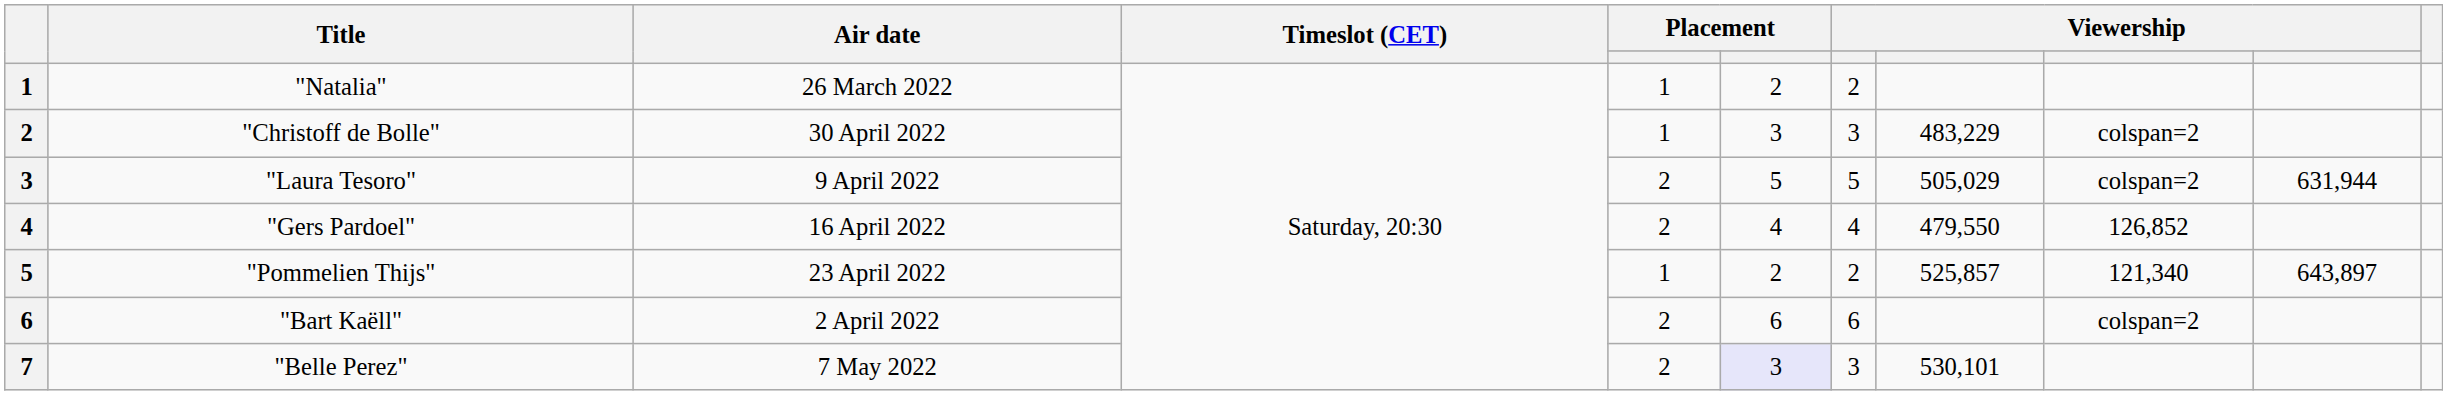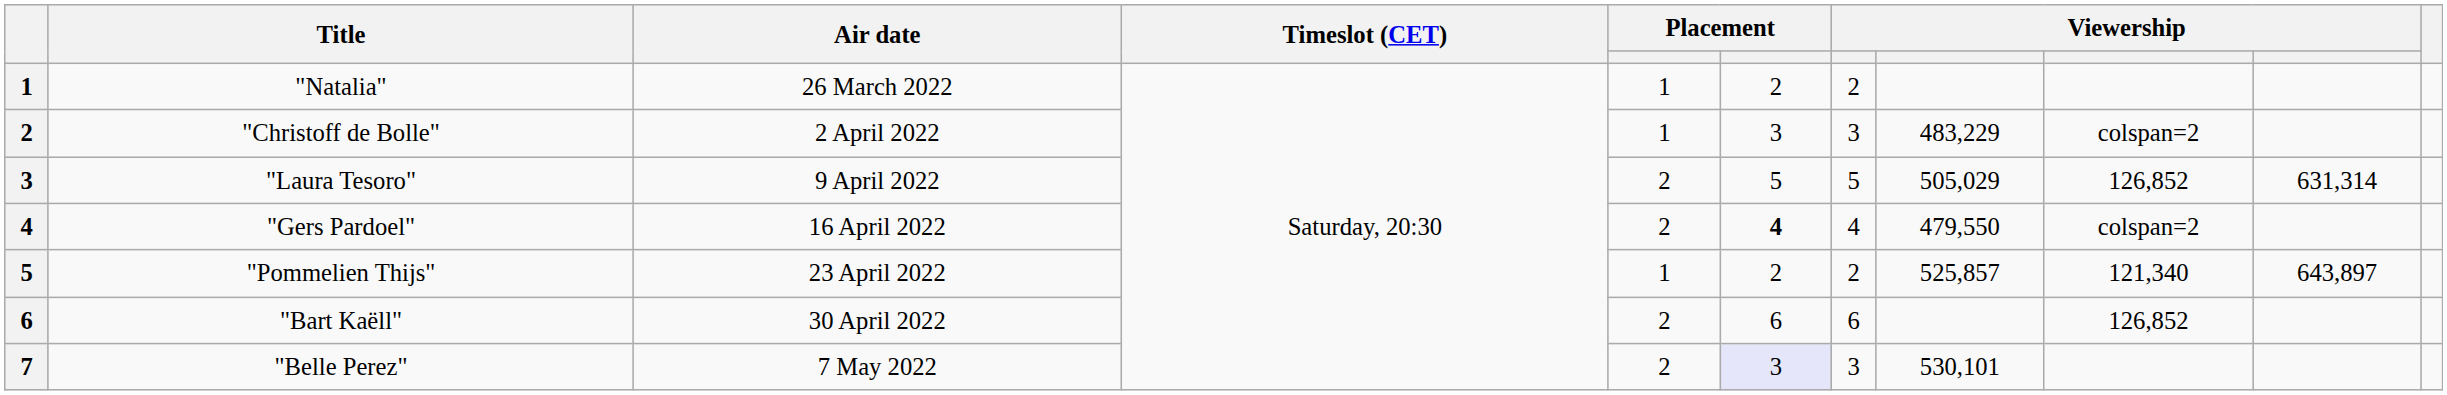 <table class="sortable wikitable plainrowheaders mw-collapsible" style=" text-align:center; line-height:23px; width:100%;">
 <tr>
 <th rowspan=2 class="unsortable"></th>
 <th rowspan=2 class="unsortable" width=24%>Title</th>
 <th rowspan=2 class="unsortable" width=20%>Air date</th>
 <th rowspan=2 class="unsortable" width=20%>Timeslot (<a href='#'>CET</a>)</th>
 <th colspan=2>Placement</th>
 <th colspan=4>Viewership</th>
 <th rowspan=2 class="unsortable"></th>
 </tr>
 <tr>
 <th class="unsortable"></th>
 <th class="unsortable"></th>
 <th class="unsortable"></th>
 <th></th>
 <th></th>
 <th></th>
 </tr>
 <tr>
 <th>1</th>
 <td>"Natalia"</td>
 <td>26 March 2022</td>
 <td rowspan="7">Saturday, 20:30</td>
 <td>1</td>
 <td>2</td>
 <td>2</td>
 <td></td>
 <td></td>
 <td></td>
 <td></td>
 </tr>
 <tr>
 <th>2</th>
 <td>"Christoff de Bolle"</td>
-<td>30 April 2022</td>
+<td>2 April 2022</td>
 <td>1</td>
 <td>3</td>
 <td>3</td>
 <td>483,229</td>
 <td>colspan=2 </td>
 <td></td>
 </tr>
 <tr>
 <th>3</th>
 <td>"Laura Tesoro"</td>
 <td>9 April 2022</td>
 <td>2</td>
 <td>5</td>
 <td>5</td>
 <td>505,029</td>
-<td>colspan=2 </td>
-<td>631,944</td>
+<td>126,852</td>
+<td>631,314</td>
 <td></td>
 </tr>
 <tr>
 <th>4</th>
 <td>"Gers Pardoel"</td>
 <td>16 April 2022</td>
 <td>2</td>
-<td>4</td>
+<td><strong>4</strong></td>
 <td>4</td>
 <td>479,550</td>
-<td>126,852</td>
+<td>colspan=2 </td>
 <td></td>
 </tr>
 <tr>
 <th>5</th>
 <td>"Pommelien Thijs"</td>
 <td>23 April 2022</td>
 <td>1</td>
 <td>2</td>
 <td>2</td>
 <td>525,857</td>
 <td>121,340</td>
 <td>643,897</td>
 <td></td>
 </tr>
 <tr>
 <th>6</th>
 <td>"Bart Kaëll"</td>
-<td>2 April 2022</td>
+<td>30 April 2022</td>
 <td>2</td>
 <td>6</td>
 <td>6</td>
 <td></td>
-<td>colspan=2 </td>
+<td>126,852</td>
 <td></td>
 </tr>
 <tr>
 <th>7</th>
 <td>"Belle Perez"</td>
 <td>7 May 2022</td>
 <td>2</td>
 <td style="background: lavender;">3</td>
 <td>3</td>
 <td>530,101</td>
 <td></td>
 <td></td>
 <td></td>
 </tr>
 </table>
